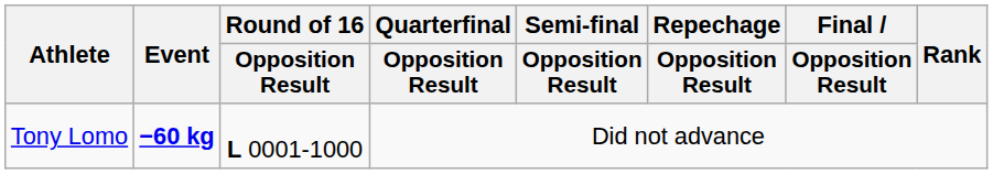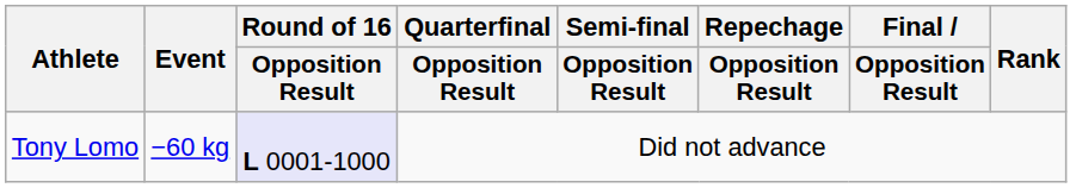 <table class="wikitable" style="font-size:90%">
 <tr>
 <th rowspan=2>Athlete</th>
 <th rowspan=2>Event</th>
 <th>Round of 16</th>
 <th>Quarterfinal</th>
 <th>Semi-final</th>
 <th>Repechage</th>
 <th>Final / </th>
 <th rowspan=2>Rank</th>
 </tr>
 <tr style="font-size: 95%">
 <th>Opposition<br>Result</th>
 <th>Opposition<br>Result</th>
 <th>Opposition<br>Result</th>
 <th>Opposition<br>Result</th>
 <th>Opposition<br>Result</th>
 </tr>
 <tr align=center>
 <td align=left><a href='#'>Tony Lomo</a></td>
-<td align=left><strong><a href='#'>−60 kg</a></strong></td>
-<td><br><strong>L</strong> 0001-1000</td>
+<td align=left><a href='#'>−60 kg</a></td>
+<td style="background: lavender;"><br><strong>L</strong> 0001-1000</td>
 <td colspan=5>Did not advance</td>
 </tr>
 </table>
